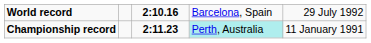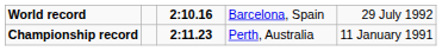 <table class="wikitable">
 <tr>
 <td><strong>World record</strong></td>
 <td style="padding-right:1em"></td>
 <td style="text-align:center;padding-left:1em; padding-right:1em;"><strong>2:10.16</strong></td>
 <td style="padding-right:1em"><a href='#'>Barcelona</a>, Spain</td>
 <td align=right>29 July 1992</td>
 </tr>
 <tr>
 <td><strong>Championship record</strong></td>
 <td style="padding-right:1em"></td>
 <td style="text-align:center;padding-left:1em; padding-right:1em;"><strong>2:11.23</strong></td>
-<td style="background: paleturquoise; padding-right:1em"><a href='#'>Perth</a>, Australia</td>
+<td style="padding-right:1em"><a href='#'>Perth</a>, Australia</td>
 <td align=right>11 January 1991</td>
 </tr>
 </table>
